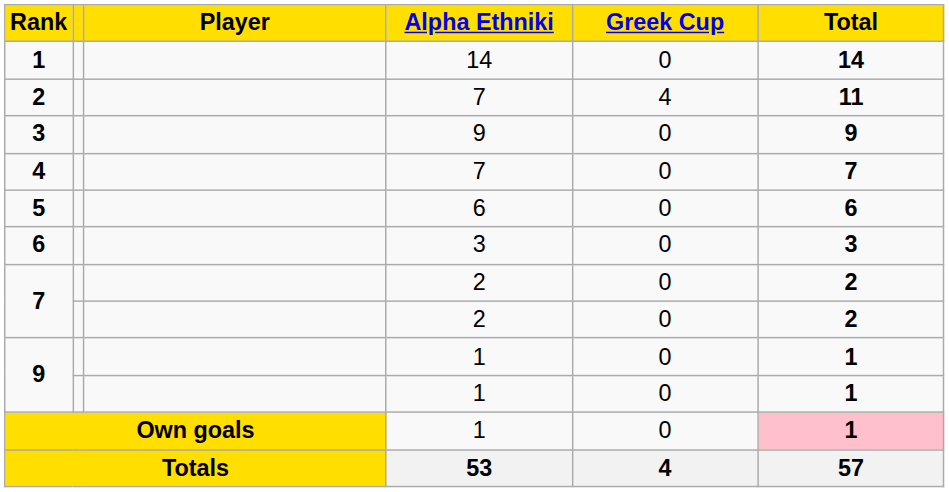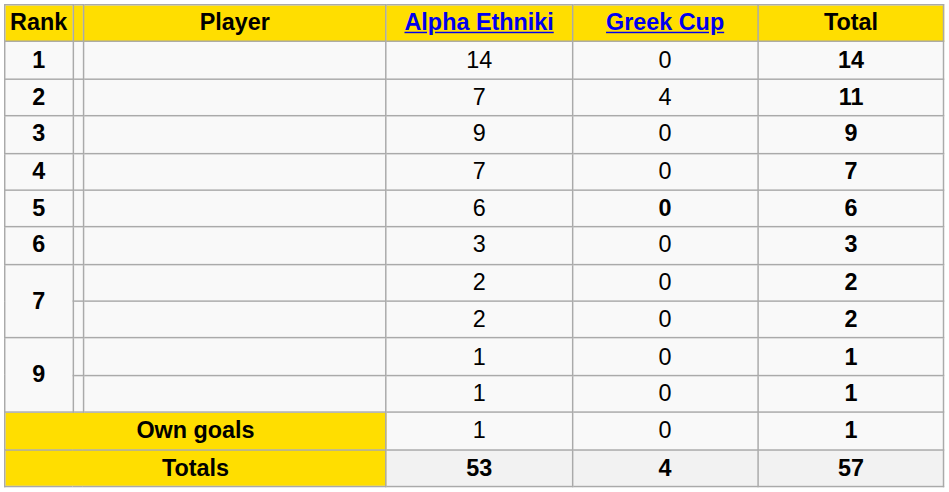 <table class="wikitable sortable" style="text-align: center">
 <tr>
 <th style="background:#FFDE00">Rank</th>
 <th style="background:#FFDE00"></th>
 <th width=200 style="background:#FFDE00">Player</th>
 <th width=120 style="background:#FFDE00"><a href='#'>Alpha Ethniki</a></th>
 <th width=120 style="background:#FFDE00"><a href='#'>Greek Cup</a></th>
 <th width=120 style="background:#FFDE00">Total</th>
 </tr>
 <tr>
 <td><strong>1</strong></td>
 <td></td>
 <td align=left></td>
 <td>14</td>
 <td>0</td>
 <td><strong>14</strong></td>
 </tr>
 <tr>
 <td><strong>2</strong></td>
 <td></td>
 <td align=left></td>
 <td>7</td>
 <td>4</td>
 <td><strong>11</strong></td>
 </tr>
 <tr>
 <td><strong>3</strong></td>
 <td></td>
 <td align=left></td>
 <td>9</td>
 <td>0</td>
 <td><strong>9</strong></td>
 </tr>
 <tr>
 <td><strong>4</strong></td>
 <td></td>
 <td align=left></td>
 <td>7</td>
 <td>0</td>
 <td><strong>7</strong></td>
 </tr>
 <tr>
 <td><strong>5</strong></td>
 <td></td>
 <td align=left></td>
 <td>6</td>
-<td>0</td>
+<td><strong>0</strong></td>
 <td><strong>6</strong></td>
 </tr>
 <tr>
 <td><strong>6</strong></td>
 <td></td>
 <td align=left></td>
 <td>3</td>
 <td>0</td>
 <td><strong>3</strong></td>
 </tr>
 <tr>
 <td rowspan=2><strong>7</strong></td>
 <td></td>
 <td align=left></td>
 <td>2</td>
 <td>0</td>
 <td><strong>2</strong></td>
 </tr>
 <tr>
 <td></td>
 <td align=left></td>
 <td>2</td>
 <td>0</td>
 <td><strong>2</strong></td>
 </tr>
 <tr>
 <td rowspan=2><strong>9</strong></td>
 <td></td>
 <td align=left></td>
 <td>1</td>
 <td>0</td>
 <td><strong>1</strong></td>
 </tr>
 <tr>
 <td></td>
 <td align=left></td>
 <td>1</td>
 <td>0</td>
 <td><strong>1</strong></td>
 </tr>
 <tr class="sortbottom">
 <td colspan=3 style="background:#FFDE00"><strong>Own goals</strong></td>
 <td>1</td>
 <td>0</td>
-<td style="background: pink;"><strong>1</strong></td>
+<td><strong>1</strong></td>
 </tr>
 <tr class="sortbottom">
 <th colspan=3 style="background:#FFDE00"><strong>Totals</strong></th>
 <th><strong>53</strong></th>
 <th><strong> 4</strong></th>
 <th><strong>57</strong></th>
 </tr>
 </table>
